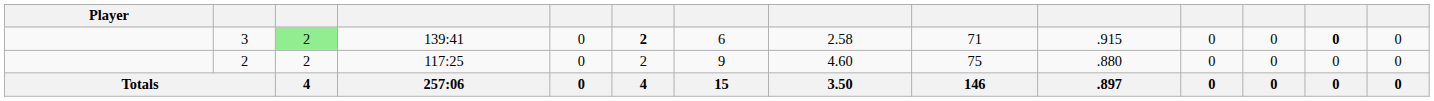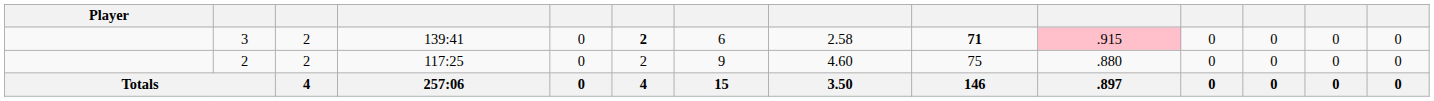 <table class="wikitable sortable" style="width:100%;">
 <tr style="text-align:center; background:#ddd;">
 <th>Player</th>
 <th></th>
 <th></th>
 <th></th>
 <th></th>
 <th></th>
 <th></th>
 <th></th>
 <th></th>
 <th></th>
 <th></th>
 <th></th>
 <th></th>
 <th></th>
 </tr>
 <tr align=center>
 <td style=white-space:nowrap></td>
 <td>3</td>
-<td style="background: lightgreen;">2</td>
+<td>2</td>
 <td>139:41</td>
 <td>0</td>
 <td><strong>2</strong></td>
 <td>6</td>
 <td>2.58</td>
-<td>71</td>
-<td>.915</td>
+<td><strong>71</strong></td>
+<td style="background: pink;">.915</td>
 <td>0</td>
 <td>0</td>
-<td><strong>0</strong></td>
+<td>0</td>
 <td>0</td>
 </tr>
 <tr align=center>
 <td style=white-space:nowrap></td>
 <td>2</td>
 <td>2</td>
 <td>117:25</td>
 <td>0</td>
 <td>2</td>
 <td>9</td>
 <td>4.60</td>
 <td>75</td>
 <td>.880</td>
 <td>0</td>
 <td>0</td>
 <td>0</td>
 <td>0</td>
 </tr>
 <tr class="unsortable">
 <th colspan=2>Totals</th>
 <th>4</th>
 <th>257:06</th>
 <th>0</th>
 <th>4</th>
 <th>15</th>
 <th>3.50</th>
 <th>146</th>
 <th>.897</th>
 <th>0</th>
 <th>0</th>
 <th>0</th>
 <th>0</th>
 </tr>
 </table>
